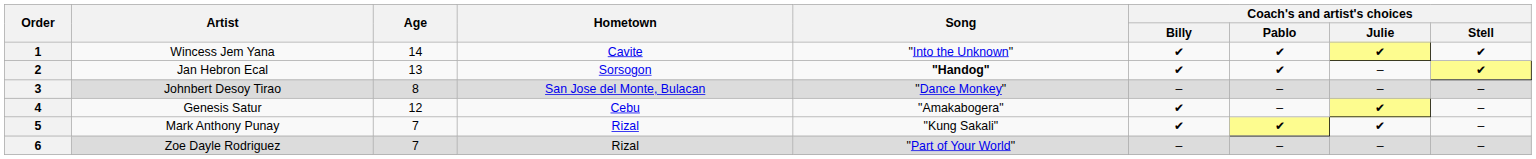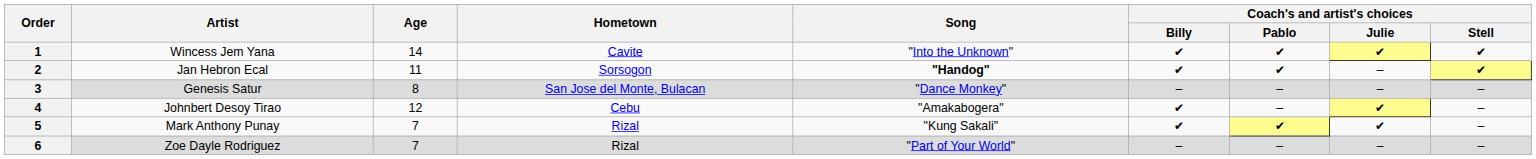 <table class="wikitable" style="text-align:center; line-height:17px; width:100%">
 <tr>
 <th scope="col" rowspan="2" style="width:04%">Order</th>
 <th scope="col" rowspan="2" style="width:18%">Artist</th>
 <th scope="col" rowspan="2" style="width:05%">Age</th>
 <th scope="col" rowspan="2" style="width:20%">Hometown</th>
 <th scope="col" rowspan="2" style="width:20%">Song</th>
 <th scope="col" colspan="4" style="width:24%">Coach's and artist's choices</th>
 </tr>
 <tr>
 <th style="width:06%">Billy</th>
 <th style="width:06%">Pablo</th>
 <th style="width:06%">Julie</th>
 <th style="width:06%">Stell</th>
 </tr>
 <tr>
 <th>1</th>
 <td>Wincess Jem Yana</td>
 <td>14</td>
 <td><a href='#'>Cavite</a></td>
 <td>"<a href='#'>Into the Unknown</a>"</td>
 <td>✔</td>
 <td>✔</td>
 <td style="background:#fdfc8f; border:1px solid black">✔</td>
 <td>✔</td>
 </tr>
 <tr>
 <th>2</th>
 <td>Jan Hebron Ecal</td>
-<td>13</td>
+<td>11</td>
 <td><a href='#'>Sorsogon</a></td>
 <td><strong>"Handog"</strong></td>
 <td>✔</td>
 <td>✔</td>
 <td>–</td>
 <td style="background:#fdfc8f; border:1px solid black">✔</td>
 </tr>
 <tr style="background:#dcdcdc">
 <th>3</th>
-<td>Johnbert Desoy Tirao</td>
+<td>Genesis Satur</td>
 <td>8</td>
 <td><a href='#'>San Jose del Monte, Bulacan</a></td>
 <td>"<a href='#'>Dance Monkey</a>"</td>
 <td>–</td>
 <td>–</td>
 <td>–</td>
 <td>–</td>
 </tr>
 <tr>
 <th>4</th>
-<td>Genesis Satur</td>
+<td>Johnbert Desoy Tirao</td>
 <td>12</td>
 <td><a href='#'>Cebu</a></td>
 <td>"Amakabogera"</td>
 <td>✔</td>
 <td>–</td>
 <td style="background:#fdfc8f; border:1px solid black">✔</td>
 <td>–</td>
 </tr>
 <tr>
 <th>5</th>
 <td>Mark Anthony Punay</td>
 <td>7</td>
 <td><a href='#'>Rizal</a></td>
 <td>"Kung Sakali"</td>
 <td>✔</td>
 <td style="background:#fdfc8f; border:1px solid black">✔</td>
 <td>✔</td>
 <td>–</td>
 </tr>
 <tr style="background:#dcdcdc">
 <th>6</th>
 <td>Zoe Dayle Rodriguez</td>
 <td>7</td>
 <td>Rizal</td>
 <td>"<a href='#'>Part of Your World</a>"</td>
 <td>–</td>
 <td>–</td>
 <td>–</td>
 <td>–</td>
 </tr>
 </table>
